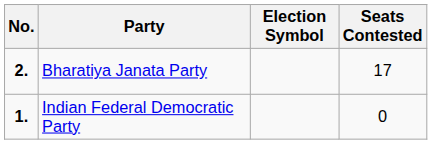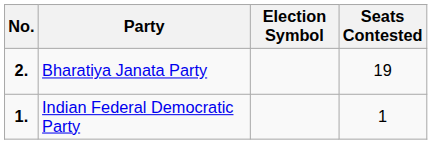 <table class="wikitable">
 <tr>
 <th scope="col" style="width:4px;">No.</th>
 <th scope="col" style="width:200px;">Party</th>
 <th scope="col" style="width:80px;">Election Symbol</th>
 <th scope="col" style="width:60px;">Seats Contested</th>
 </tr>
 <tr style="height: 45px;">
 <td style="text-align:center; background:"><strong>2.</strong></td>
 <td><a href='#'>Bharatiya Janata Party</a></td>
 <td style="text-align:center;"></td>
-<td style="text-align:center;">17</td>
+<td style="text-align:center;">19</td>
 </tr>
 <tr>
 <td style="text-align:center; background:"><strong>1.</strong></td>
 <td><a href='#'>Indian Federal Democratic Party</a></td>
 <td></td>
-<td style="text-align:center;">0</td>
+<td style="text-align:center;">1</td>
 </tr>
 </table>
